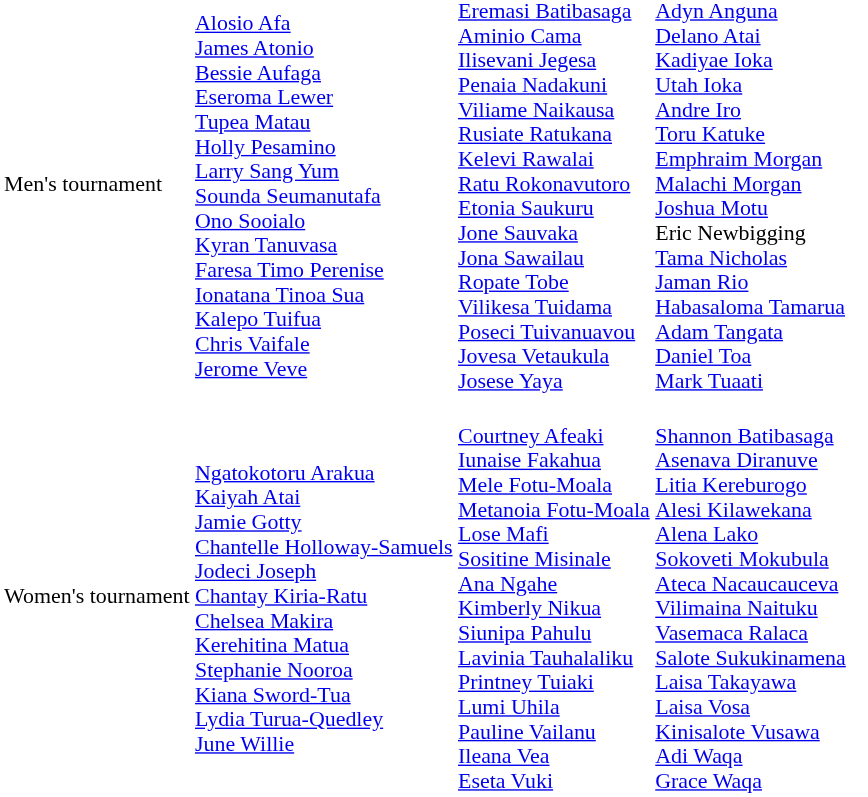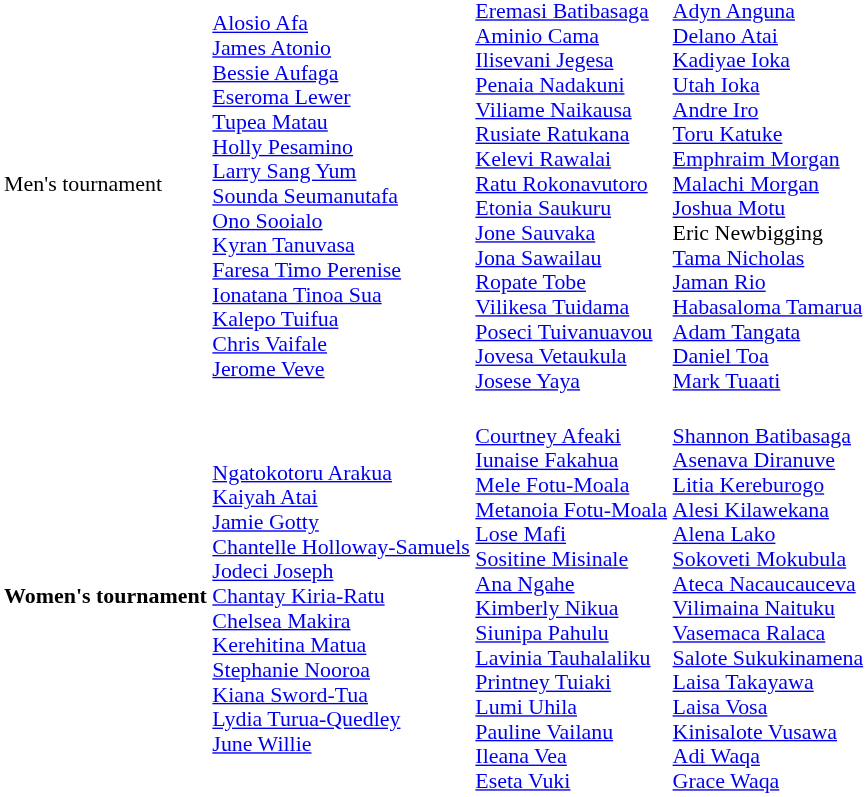 <table>
 <tr>
 <td>Men's tournament<br></td>
 <td><br><a href='#'>Alosio Afa</a><br><a href='#'>James Atonio</a><br><a href='#'>Bessie Aufaga</a><br><a href='#'>Eseroma Lewer</a><br><a href='#'>Tupea Matau</a><br><a href='#'>Holly Pesamino</a><br><a href='#'>Larry Sang Yum</a><br><a href='#'>Sounda Seumanutafa</a><br><a href='#'>Ono Sooialo</a><br><a href='#'>Kyran Tanuvasa</a><br><a href='#'>Faresa Timo Perenise</a><br><a href='#'>Ionatana Tinoa Sua</a><br><a href='#'>Kalepo Tuifua</a><br><a href='#'>Chris Vaifale</a><br><a href='#'>Jerome Veve</a></td>
 <td><br><a href='#'>Eremasi Batibasaga</a><br><a href='#'>Aminio Cama</a><br><a href='#'>Ilisevani Jegesa</a><br><a href='#'>Penaia Nadakuni</a><br><a href='#'>Viliame Naikausa</a><br><a href='#'>Rusiate Ratukana</a><br><a href='#'>Kelevi Rawalai</a><br><a href='#'>Ratu Rokonavutoro</a><br><a href='#'>Etonia Saukuru</a><br><a href='#'>Jone Sauvaka</a><br><a href='#'>Jona Sawailau</a><br><a href='#'>Ropate Tobe</a><br><a href='#'>Vilikesa Tuidama</a><br><a href='#'>Poseci Tuivanuavou</a><br><a href='#'>Jovesa Vetaukula</a><br><a href='#'>Josese Yaya</a></td>
 <td><br><a href='#'>Adyn Anguna</a><br><a href='#'>Delano Atai</a><br><a href='#'>Kadiyae Ioka</a><br><a href='#'>Utah Ioka</a><br><a href='#'>Andre Iro</a><br><a href='#'>Toru Katuke</a><br><a href='#'>Emphraim Morgan</a><br><a href='#'>Malachi Morgan</a><br><a href='#'>Joshua Motu</a><br>Eric Newbigging<br><a href='#'>Tama Nicholas</a><br><a href='#'>Jaman Rio</a><br><a href='#'>Habasaloma Tamarua</a><br><a href='#'>Adam Tangata</a><br><a href='#'>Daniel Toa</a><br><a href='#'>Mark Tuaati</a></td>
 </tr>
 <tr>
-<td>Women's tournament<br></td>
+<td><strong>Women's tournament<br></strong></td>
 <td><br><a href='#'>Ngatokotoru Arakua</a><br><a href='#'>Kaiyah Atai</a><br><a href='#'>Jamie Gotty</a><br><a href='#'>Chantelle Holloway-Samuels</a><br><a href='#'>Jodeci Joseph</a><br><a href='#'>Chantay Kiria-Ratu</a><br><a href='#'>Chelsea Makira</a><br><a href='#'>Kerehitina Matua</a><br><a href='#'>Stephanie Nooroa</a><br><a href='#'>Kiana Sword-Tua</a><br><a href='#'>Lydia Turua-Quedley</a><br><a href='#'>June Willie</a></td>
 <td><br><a href='#'>Courtney Afeaki</a><br><a href='#'>Iunaise Fakahua</a><br><a href='#'>Mele Fotu-Moala</a><br><a href='#'>Metanoia Fotu-Moala</a><br><a href='#'>Lose Mafi</a><br><a href='#'>Sositine Misinale</a><br><a href='#'>Ana Ngahe</a><br><a href='#'>Kimberly Nikua</a><br><a href='#'>Siunipa Pahulu</a><br><a href='#'>Lavinia Tauhalaliku</a><br><a href='#'>Printney Tuiaki</a><br><a href='#'>Lumi Uhila</a><br><a href='#'>Pauline Vailanu</a><br><a href='#'>Ileana Vea</a><br><a href='#'>Eseta Vuki</a></td>
 <td><br><a href='#'>Shannon Batibasaga</a><br><a href='#'>Asenava Diranuve</a><br><a href='#'>Litia Kereburogo</a><br><a href='#'>Alesi Kilawekana</a><br><a href='#'>Alena Lako</a><br><a href='#'>Sokoveti Mokubula</a><br><a href='#'>Ateca Nacaucauceva</a><br><a href='#'>Vilimaina Naituku</a><br><a href='#'>Vasemaca Ralaca</a><br><a href='#'>Salote Sukukinamena</a><br><a href='#'>Laisa Takayawa</a><br><a href='#'>Laisa Vosa</a><br><a href='#'>Kinisalote Vusawa</a><br><a href='#'>Adi Waqa</a><br><a href='#'>Grace Waqa</a></td>
 </tr>
 </table>
